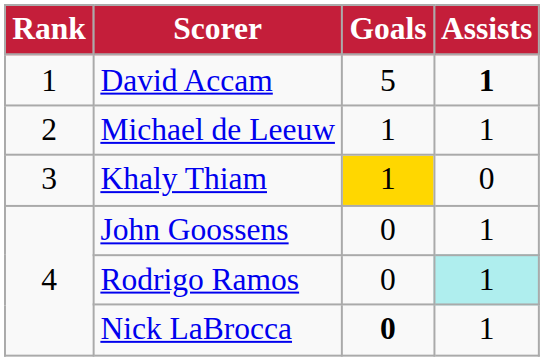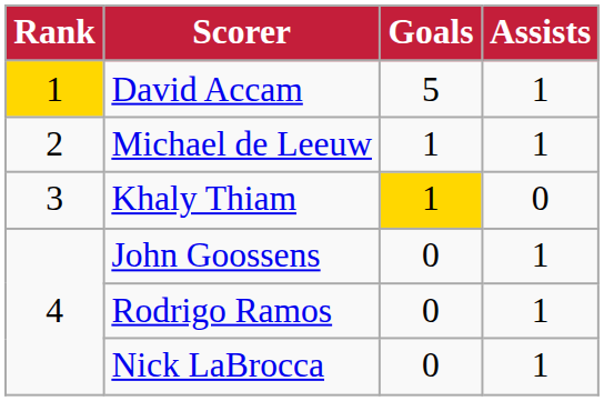 <table class="wikitable" style="text-align:center">
 <tr>
 <th style="background:#C41E3A; color:white; text-align:center;">Rank</th>
 <th style="background:#C41E3A; color:white; text-align:center;">Scorer</th>
 <th style="background:#C41E3A; color:white; text-align:center;">Goals</th>
 <th style="background:#C41E3A; color:white; text-align:center;">Assists</th>
 </tr>
 <tr>
-<td>1</td>
+<td style="background: gold;">1</td>
 <td align="left"> <a href='#'>David Accam</a></td>
 <td>5</td>
-<td><strong>1</strong></td>
+<td>1</td>
 </tr>
 <tr>
 <td rowspan=1>2</td>
 <td align="left"> <a href='#'>Michael de Leeuw</a></td>
 <td>1</td>
 <td>1</td>
 </tr>
 <tr>
 <td>3</td>
 <td align="left"> <a href='#'>Khaly Thiam</a></td>
 <td style="background: gold;">1</td>
 <td>0</td>
 </tr>
 <tr>
 <td rowspan=3>4</td>
 <td align="left"> <a href='#'>John Goossens</a></td>
 <td>0</td>
 <td>1</td>
 </tr>
 <tr>
 <td align="left"> <a href='#'>Rodrigo Ramos</a></td>
 <td>0</td>
-<td style="background: paleturquoise;">1</td>
+<td>1</td>
 </tr>
 <tr>
 <td align="left"> <a href='#'>Nick LaBrocca</a></td>
-<td><strong>0</strong></td>
+<td>0</td>
 <td>1</td>
 </tr>
 </table>
